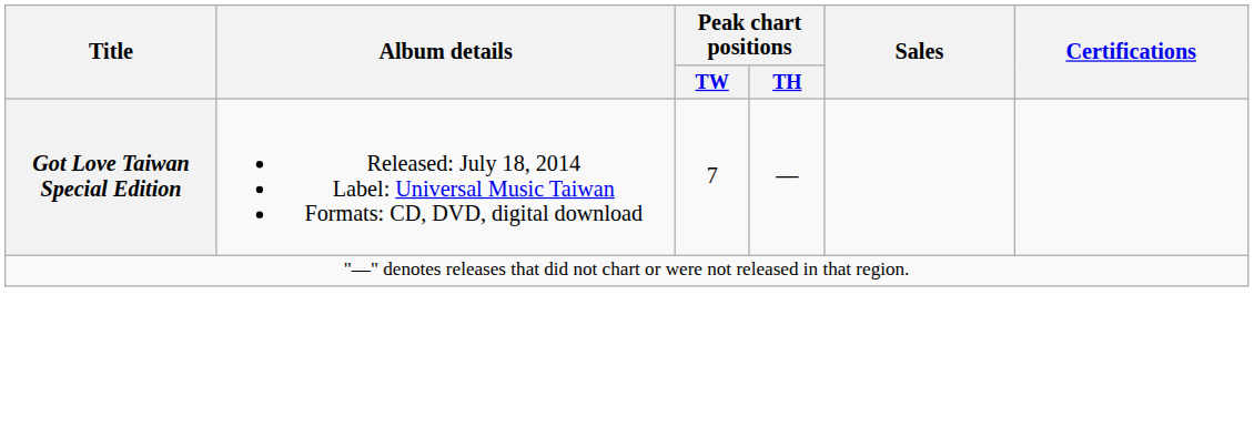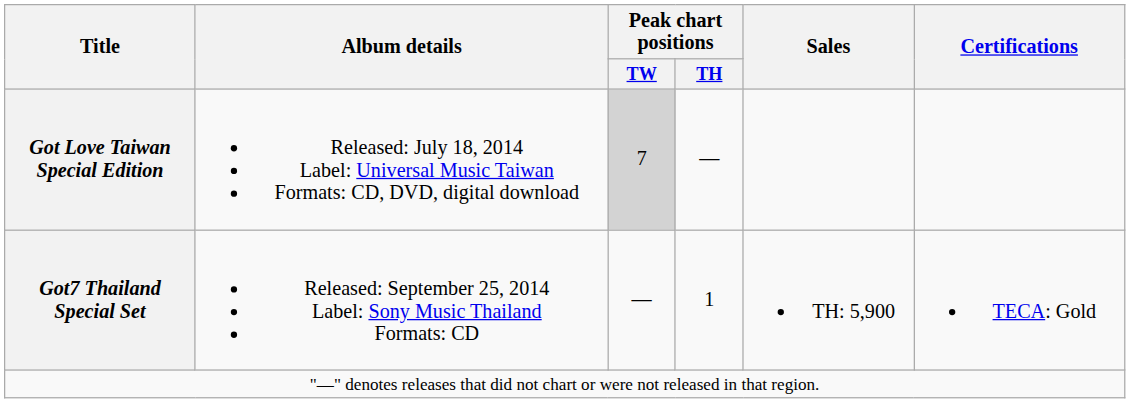 <table class="wikitable plainrowheaders" style="text-align:center">
 <tr>
 <th scope="col" rowspan="2" style="width:9em">Title</th>
 <th scope="col" rowspan="2" style="width:20em">Album details</th>
 <th scope="col" colspan="2" style="width:100px;">Peak chart positions</th>
 <th scope="col" rowspan="2" style="width:8em">Sales</th>
 <th scope="col" rowspan="2" style="width:10em"><a href='#'>Certifications</a></th>
 </tr>
 <tr>
 <th scope="col" style="width:3em;font-size:90%"><a href='#'>TW</a><br></th>
 <th scope="col" style="width:3em;font-size:90%"><a href='#'>TH</a><br></th>
 </tr>
 <tr>
 <th scope="row"><em>Got Love Taiwan Special Edition</em></th>
 <td><br><ul><li>Released: July 18, 2014 </li><li>Label: <a href='#'>Universal Music Taiwan</a></li><li>Formats: CD, DVD, digital download</li></ul></td>
-<td>7</td>
+<td style="background: lightgrey;">7</td>
 <td>—</td>
 <td></td>
 <td></td>
+</tr>
+<tr>
+<th scope="row"><em>Got7 Thailand Special Set</em></th>
+<td><br><ul><li>Released: September 25, 2014 </li><li>Label: <a href='#'>Sony Music Thailand</a></li><li>Formats: CD</li></ul></td>
+<td>—</td>
+<td>1</td>
+<td><br><ul><li>TH: 5,900</li></ul></td>
+<td><br><ul><li><a href='#'>TECA</a>: Gold </li></ul></td>
 </tr>
 <tr |>
 <td colspan="6" style="font-size:85%">"—" denotes releases that did not chart or were not released in that region.</td>
 </tr>
 </table>
